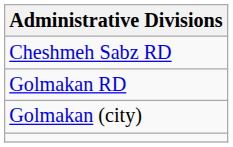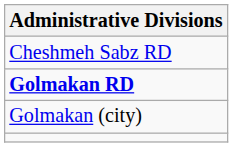 <table class="wikitable">
 <tr>
 <th>Administrative Divisions</th>
 </tr>
 <tr>
 <td><a href='#'>Cheshmeh Sabz RD</a></td>
 </tr>
 <tr>
-<td><a href='#'>Golmakan RD</a></td>
+<td><strong><a href='#'>Golmakan RD</a></strong></td>
 </tr>
 <tr>
 <td><a href='#'>Golmakan</a> (city)</td>
 </tr>
 <tr>
 <td colspan=1></td>
 </tr>
 </table>
